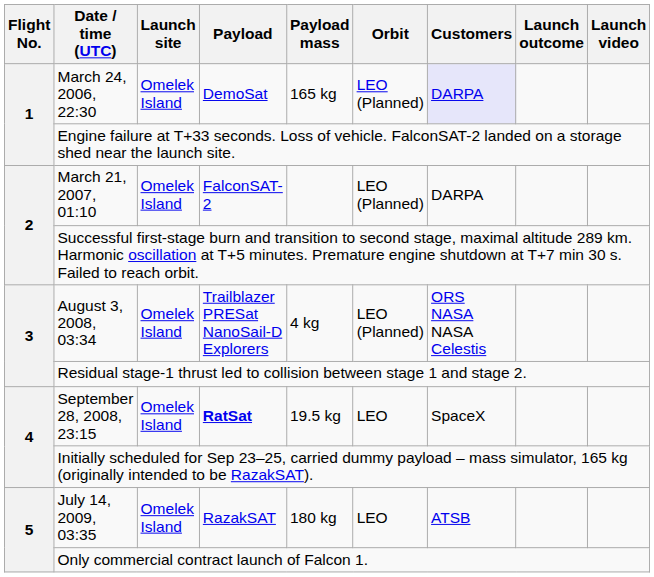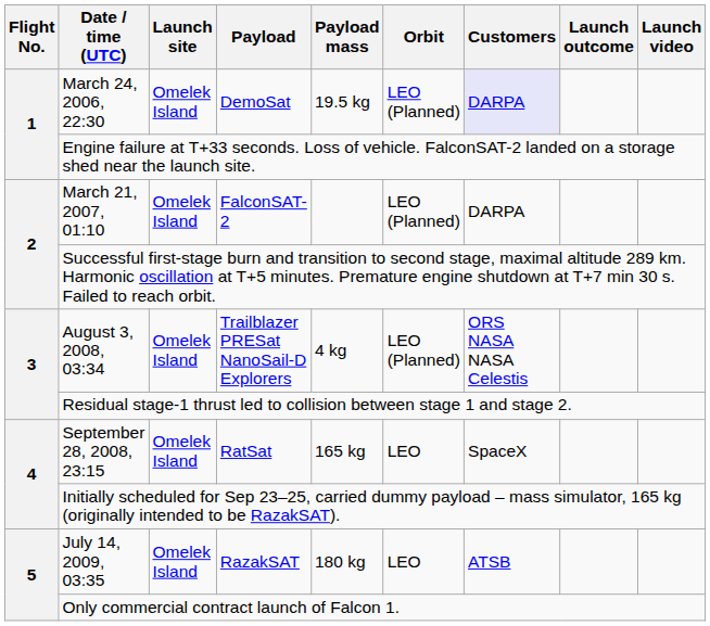 <table class="wikitable plainrowheaders">
 <tr>
 <th scope="col">Flight <abbr>No.</abbr></th>
 <th scope="col">Date / time (<a href='#'>UTC</a>)</th>
 <th scope="col">Launch site</th>
 <th scope="col">Payload</th>
 <th scope="col">Payload mass</th>
 <th scope="col">Orbit</th>
 <th scope="col">Customers</th>
 <th scope="col">Launch outcome</th>
 <th scope="col">Launch video</th>
 </tr>
 <tr>
 <th scope="row" rowspan=2 style="text-align:center;">1</th>
 <td>March 24, 2006, 22:30</td>
 <td><a href='#'>Omelek Island</a></td>
 <td><a href='#'>DemoSat</a></td>
-<td>165 kg</td>
+<td>19.5 kg</td>
 <td><a href='#'>LEO</a> (Planned)</td>
 <td style="background: lavender;"><a href='#'>DARPA</a></td>
 <td></td>
 <td></td>
 </tr>
 <tr>
 <td colspan="8">Engine failure at T+33 seconds. Loss of vehicle. FalconSAT-2 landed on a storage shed near the launch site.</td>
 </tr>
 <tr>
 <th scope="row" rowspan=2 style="text-align:center;">2</th>
 <td>March 21, 2007, 01:10</td>
 <td><a href='#'>Omelek Island</a></td>
 <td><a href='#'>FalconSAT-2</a></td>
 <td></td>
 <td>LEO (Planned)</td>
 <td>DARPA</td>
 <td></td>
 <td></td>
 </tr>
 <tr>
 <td colspan="8">Successful first-stage burn and transition to second stage, maximal altitude 289 km. Harmonic <a href='#'>oscillation</a> at T+5 minutes. Premature engine shutdown at T+7 min 30 s. Failed to reach orbit.</td>
 </tr>
 <tr>
 <th scope="row" rowspan=2 style="text-align:center;">3</th>
 <td>August 3, 2008, 03:34</td>
 <td><a href='#'>Omelek Island</a></td>
 <td><a href='#'>Trailblazer</a> <br> <a href='#'>PRESat</a> <br> <a href='#'>NanoSail-D</a> <br> <a href='#'>Explorers</a></td>
 <td>4 kg</td>
 <td>LEO (Planned)</td>
 <td><a href='#'>ORS</a> <br> <a href='#'>NASA</a> <br> NASA <br> <a href='#'>Celestis</a></td>
 <td></td>
 <td></td>
 </tr>
 <tr>
 <td colspan="8">Residual stage-1 thrust led to collision between stage 1 and stage 2.</td>
 </tr>
 <tr>
 <th scope="row" rowspan=2 style="text-align:center;">4</th>
 <td>September 28, 2008, 23:15</td>
 <td><a href='#'>Omelek Island</a></td>
-<td><strong><a href='#'>RatSat</a></strong></td>
-<td>19.5 kg</td>
+<td><a href='#'>RatSat</a></td>
+<td>165 kg</td>
 <td>LEO</td>
 <td>SpaceX</td>
 <td></td>
 <td></td>
 </tr>
 <tr>
 <td colspan="8">Initially scheduled for Sep 23–25, carried dummy payload – mass simulator, 165 kg (originally intended to be <a href='#'>RazakSAT</a>).</td>
 </tr>
 <tr>
 <th scope="row" rowspan=2 style="text-align:center;">5</th>
 <td>July 14, 2009, 03:35</td>
 <td><a href='#'>Omelek Island</a></td>
 <td><a href='#'>RazakSAT</a></td>
 <td>180 kg</td>
 <td>LEO</td>
 <td><a href='#'>ATSB</a></td>
 <td></td>
 <td></td>
 </tr>
 <tr>
 <td colspan="8">Only commercial contract launch of Falcon 1.</td>
 </tr>
 </table>
